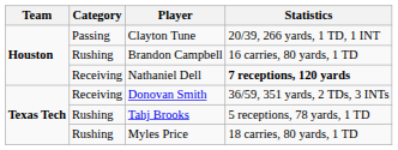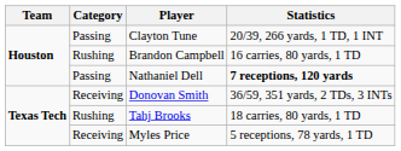 <table class="wikitable" style="float: right;">
 <tr>
 <th>Team</th>
 <th>Category</th>
 <th>Player</th>
 <th>Statistics</th>
 </tr>
 <tr>
 <td rowspan=3><strong>Houston</strong></td>
 <td>Passing</td>
 <td>Clayton Tune</td>
 <td>20/39, 266 yards, 1 TD, 1 INT</td>
 </tr>
 <tr>
 <td>Rushing</td>
 <td>Brandon Campbell</td>
 <td>16 carries, 80 yards, 1 TD</td>
 </tr>
 <tr>
-<td>Receiving</td>
+<td>Passing</td>
 <td>Nathaniel Dell</td>
 <td><strong>7 receptions, 120 yards</strong></td>
 </tr>
 <tr>
 <td rowspan=3><strong>Texas Tech</strong></td>
 <td>Receiving</td>
 <td><a href='#'>Donovan Smith</a></td>
 <td>36/59, 351 yards, 2 TDs, 3 INTs</td>
 </tr>
 <tr>
 <td>Rushing</td>
 <td><a href='#'>Tahj Brooks</a></td>
+<td>18 carries, 80 yards, 1 TD</td>
+</tr>
+<tr>
+<td>Receiving</td>
+<td>Myles Price</td>
 <td>5 receptions, 78 yards, 1 TD</td>
 </tr>
-<tr>
-<td>Rushing</td>
-<td>Myles Price</td>
-<td>18 carries, 80 yards, 1 TD</td>
-</tr>
 </table>
